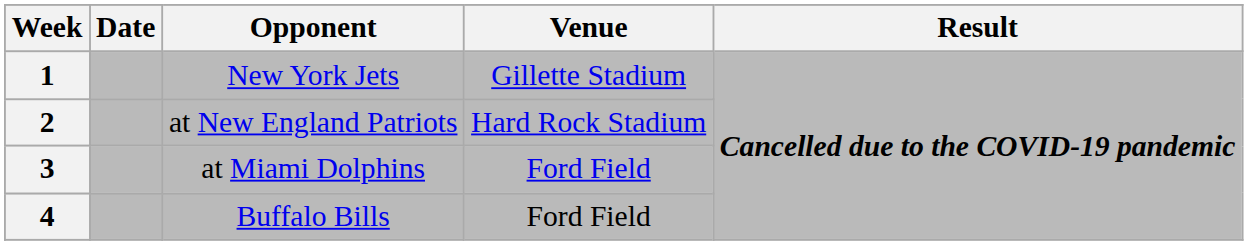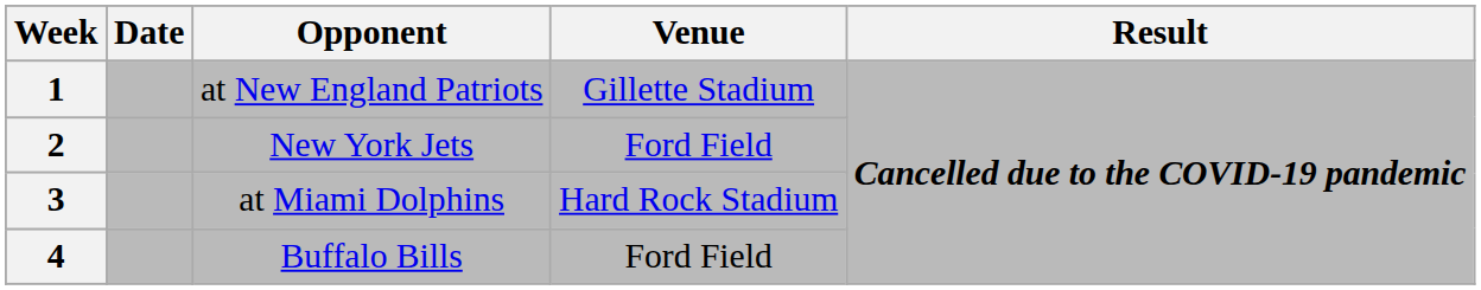 <table class="wikitable" style="text-align:center">
 <tr>
 <th>Week</th>
 <th>Date</th>
 <th>Opponent</th>
 <th>Venue</th>
 <th>Result</th>
 </tr>
 <tr style="background:#bababa">
 <th>1</th>
 <td></td>
-<td><a href='#'>New York Jets</a></td>
+<td>at <a href='#'>New England Patriots</a></td>
 <td><a href='#'>Gillette Stadium</a></td>
 <td rowspan=4><strong><em>Cancelled due to the COVID-19 pandemic</em></strong></td>
 </tr>
 <tr style="background:#bababa">
 <th>2</th>
 <td></td>
-<td>at <a href='#'>New England Patriots</a></td>
-<td><a href='#'>Hard Rock Stadium</a></td>
+<td><a href='#'>New York Jets</a></td>
+<td><a href='#'>Ford Field</a></td>
 </tr>
 <tr style="background:#bababa">
 <th>3</th>
 <td></td>
 <td>at <a href='#'>Miami Dolphins</a></td>
-<td><a href='#'>Ford Field</a></td>
+<td><a href='#'>Hard Rock Stadium</a></td>
 </tr>
 <tr style="background:#bababa">
 <th>4</th>
 <td></td>
 <td><a href='#'>Buffalo Bills</a></td>
 <td>Ford Field</td>
 </tr>
 </table>
